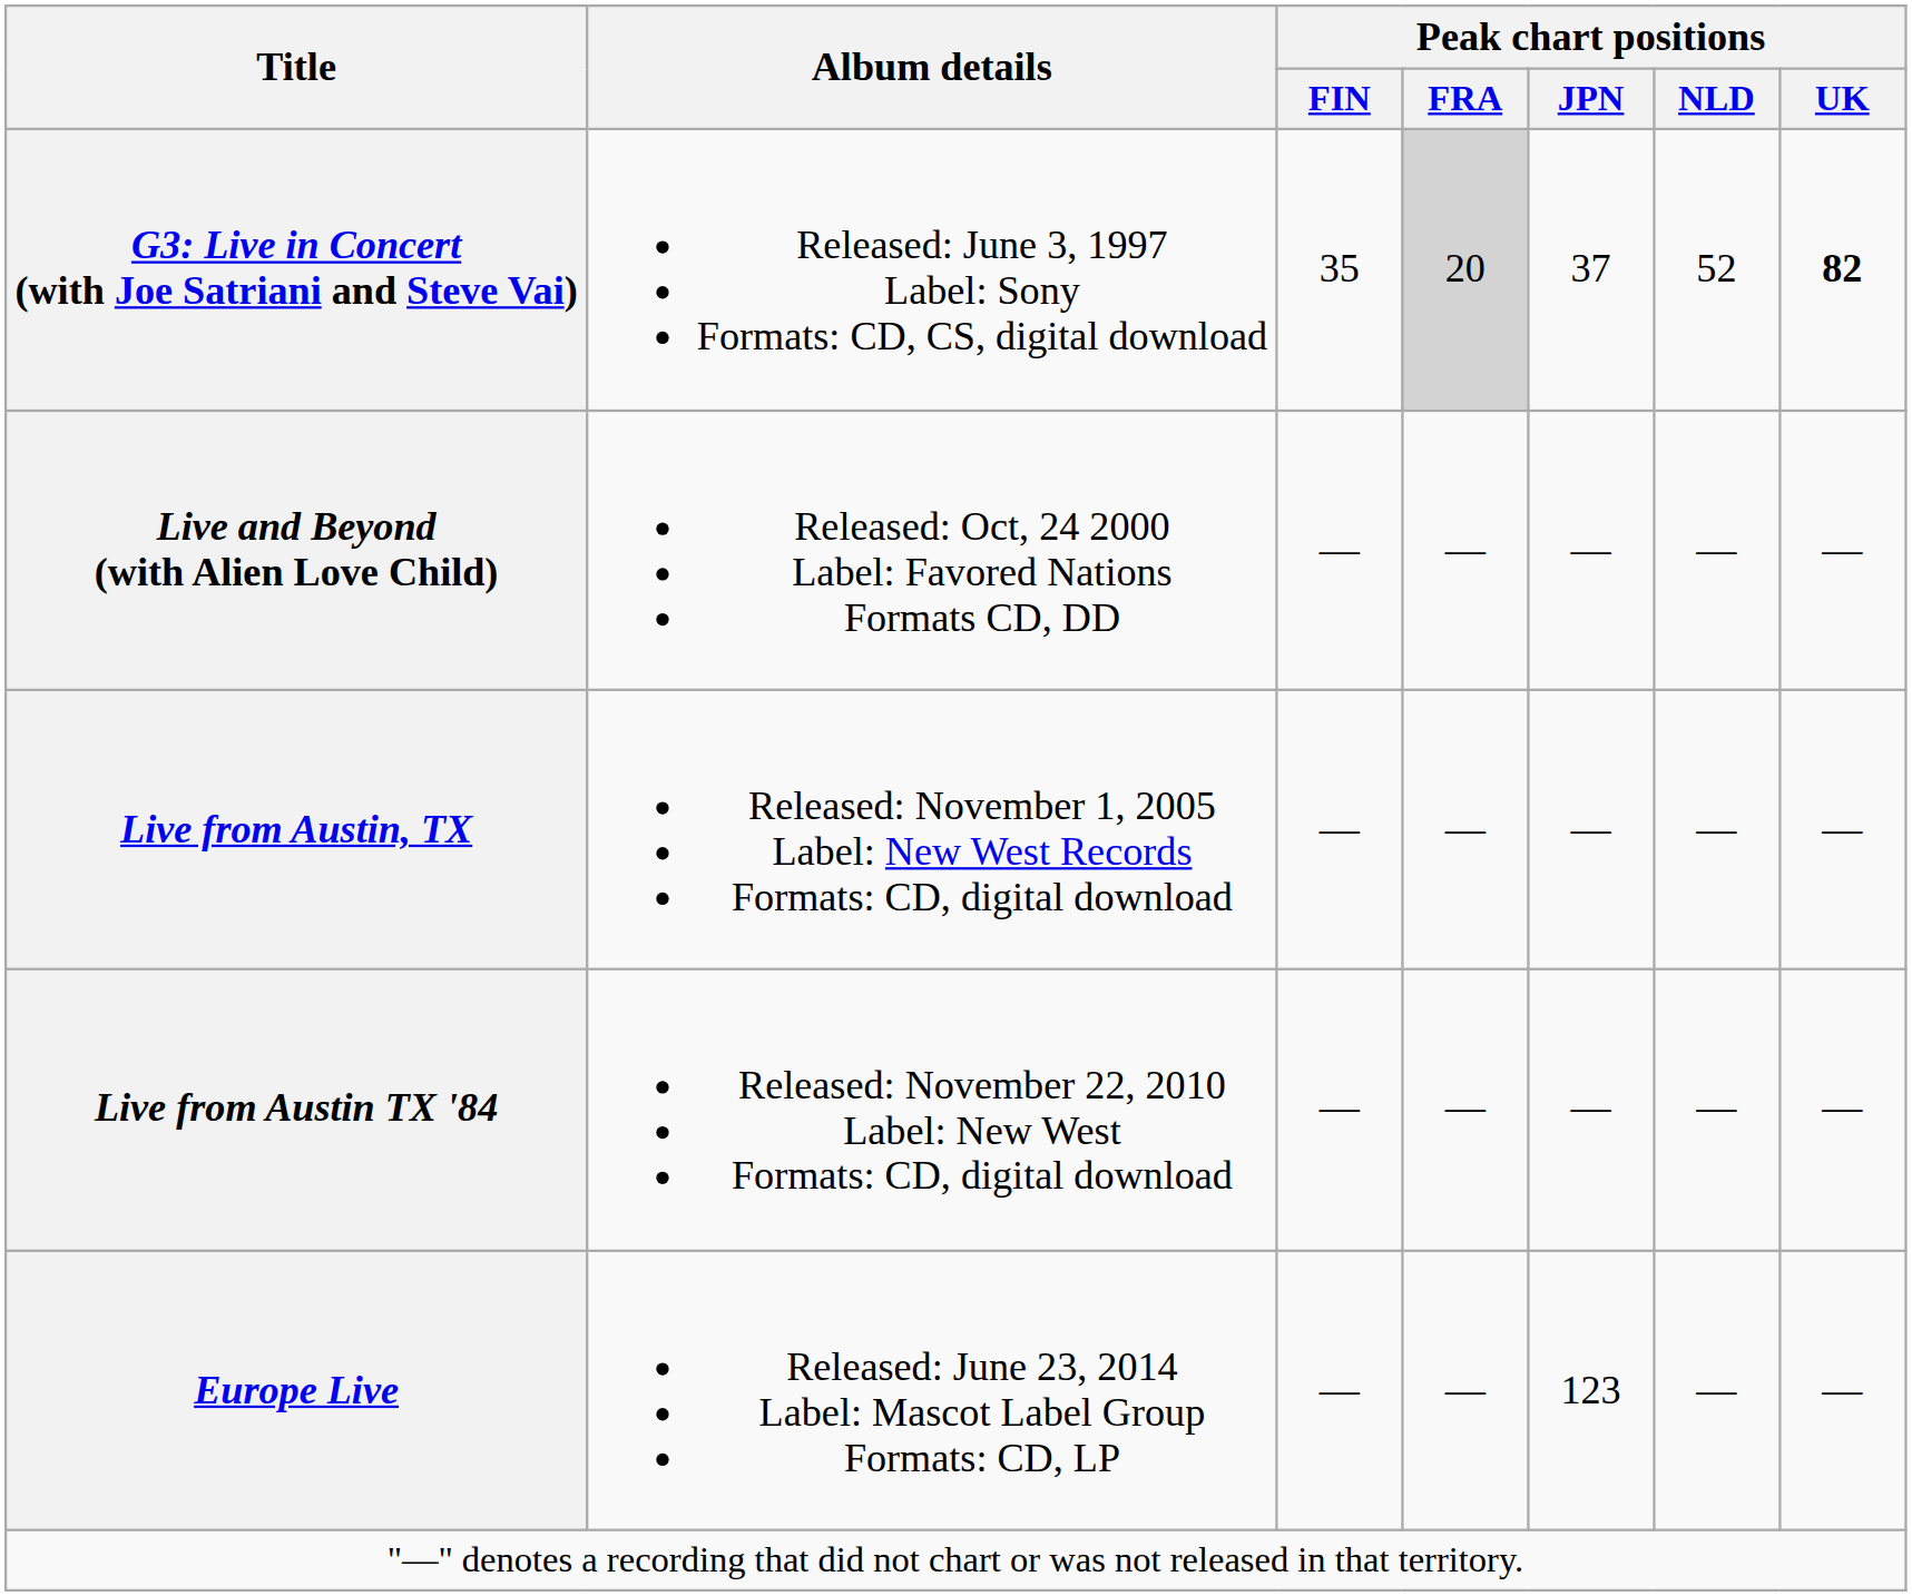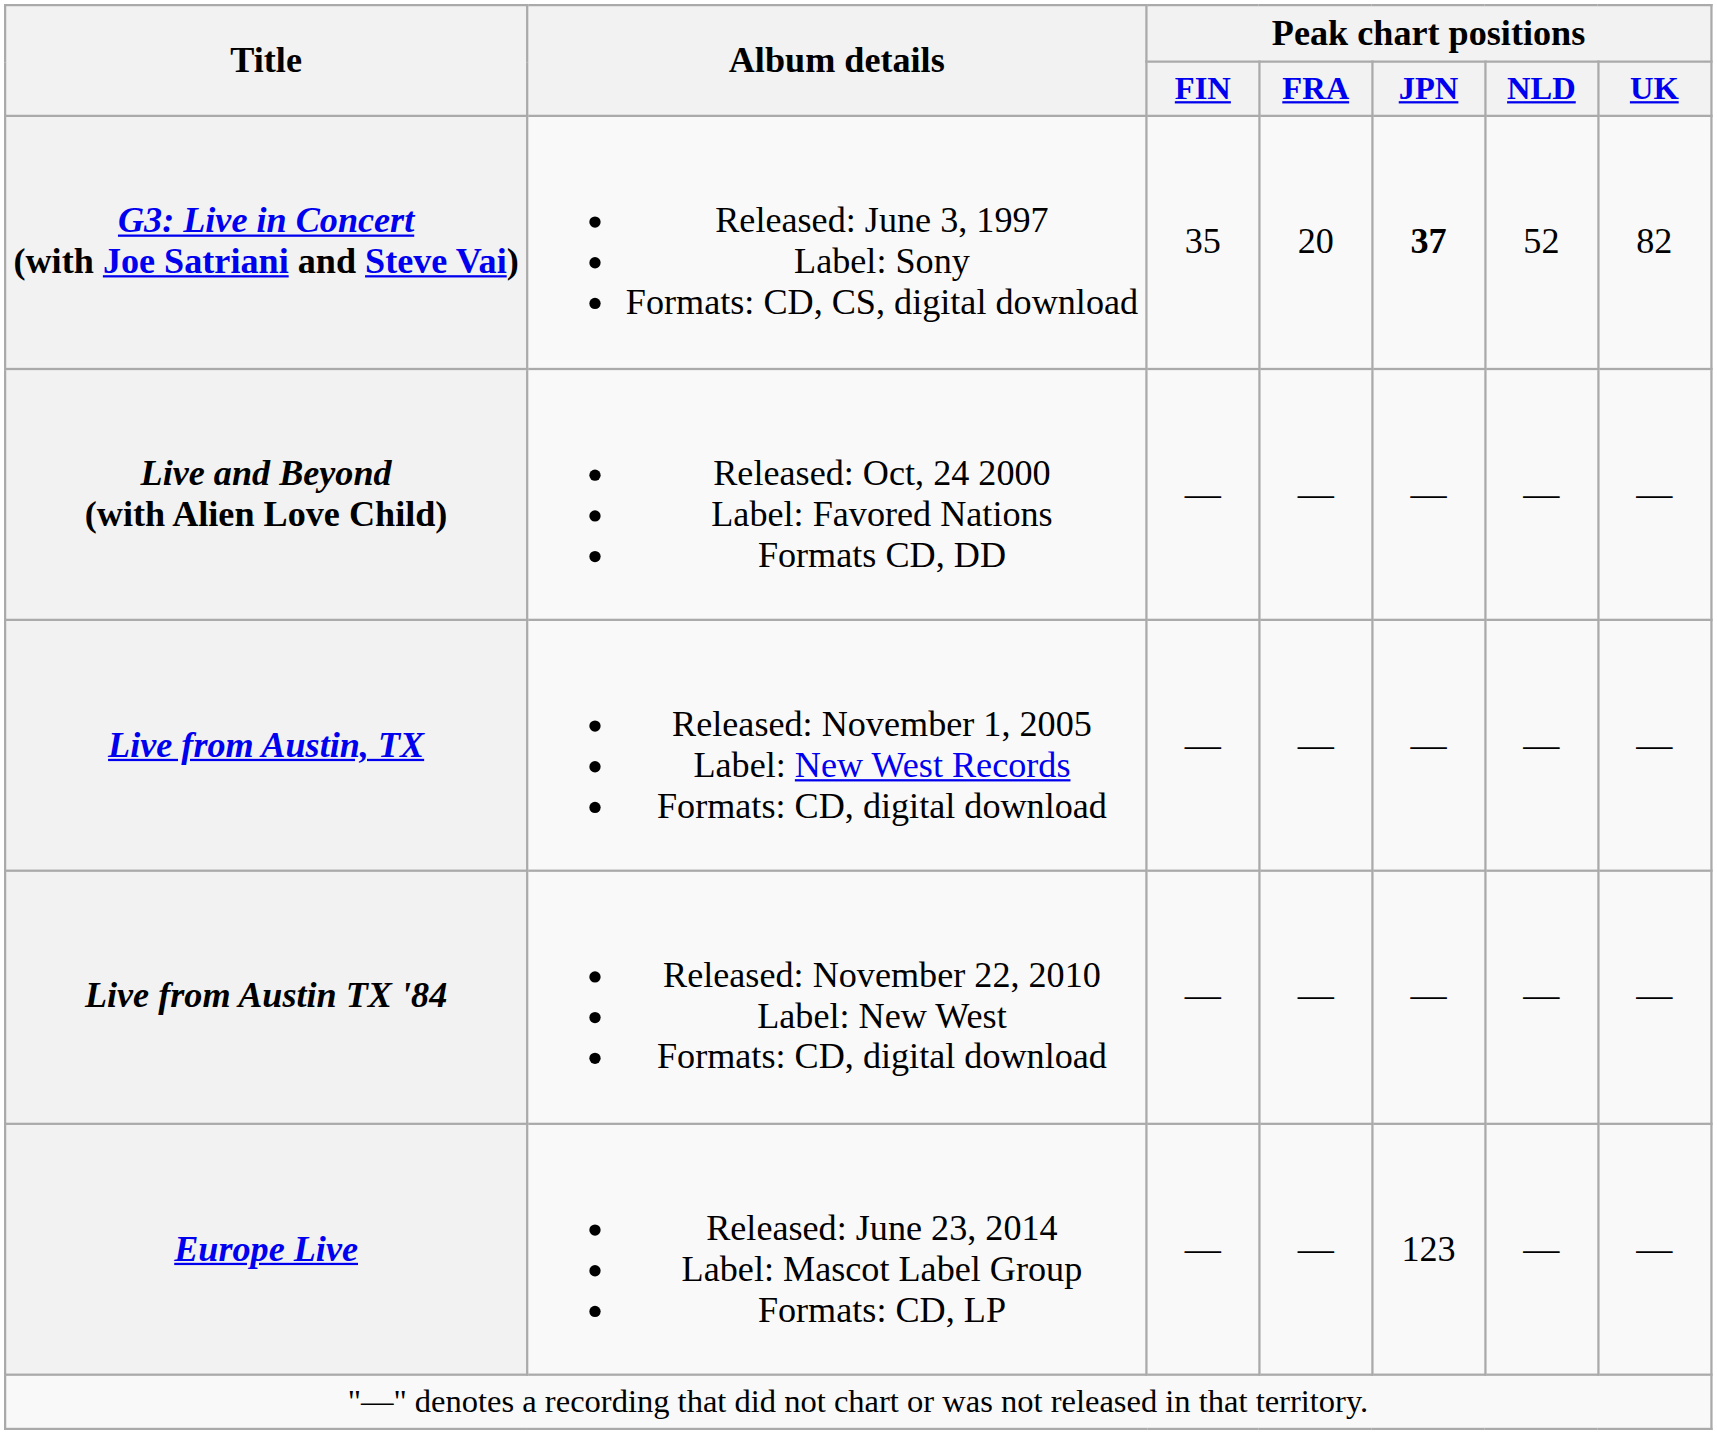 <table class="wikitable plainrowheaders" style="text-align:center;">
 <tr>
 <th scope="col" rowspan="2">Title</th>
 <th scope="col" rowspan="2">Album details</th>
 <th scope="col" colspan="5">Peak chart positions</th>
 </tr>
 <tr>
 <th scope="col" style="width:3em;font-size:90%;"><a href='#'>FIN</a><br></th>
 <th scope="col" style="width:3em;font-size:90%;"><a href='#'>FRA</a><br></th>
 <th scope="col" style="width:3em;font-size:90%;"><a href='#'>JPN</a><br></th>
 <th scope="col" style="width:3em;font-size:90%;"><a href='#'>NLD</a><br></th>
 <th scope="col" style="width:3em;font-size:90%;"><a href='#'>UK</a><br></th>
 </tr>
 <tr>
 <th scope="row"><em><a href='#'>G3: Live in Concert</a></em><br>(with <a href='#'>Joe Satriani</a> and <a href='#'>Steve Vai</a>)</th>
 <td><br><ul><li>Released: June 3, 1997</li><li>Label: Sony</li><li>Formats: CD, CS, digital download </li></ul></td>
 <td>35</td>
-<td style="background: lightgrey;">20</td>
-<td>37</td>
+<td>20</td>
+<td><strong>37</strong></td>
 <td>52</td>
-<td><strong>82</strong></td>
+<td>82</td>
 </tr>
 <tr>
 <th scope="row"><em>Live and Beyond </em><br> (with Alien Love Child)</th>
 <td><br><ul><li>Released: Oct, 24 2000</li><li>Label: Favored Nations</li><li>Formats CD, DD </li></ul></td>
 <td>—</td>
 <td>—</td>
 <td>—</td>
 <td>—</td>
 <td>—</td>
 </tr>
 <tr>
 <th scope="row"><em><a href='#'>Live from Austin, TX</a></em></th>
 <td><br><ul><li>Released: November 1, 2005 </li><li>Label: <a href='#'>New West Records</a></li><li>Formats: CD, digital download</li></ul></td>
 <td>—</td>
 <td>—</td>
 <td>—</td>
 <td>—</td>
 <td>—</td>
 </tr>
 <tr>
 <th scope="row"><em>Live from Austin TX '84</em></th>
 <td><br><ul><li>Released: November 22, 2010</li><li>Label: New West</li><li>Formats: CD, digital download</li></ul></td>
 <td>—</td>
 <td>—</td>
 <td>—</td>
 <td>—</td>
 <td>—</td>
 </tr>
 <tr>
 <th scope="row"><em><a href='#'>Europe Live</a></em></th>
 <td><br><ul><li>Released: June 23, 2014</li><li>Label: Mascot Label Group</li><li>Formats: CD, LP</li></ul></td>
 <td>—</td>
 <td>—</td>
 <td>123</td>
 <td>—</td>
 <td>—</td>
 </tr>
 <tr>
 <td colspan="10" style="font-size:90%">"—" denotes a recording that did not chart or was not released in that territory.</td>
 </tr>
 </table>
